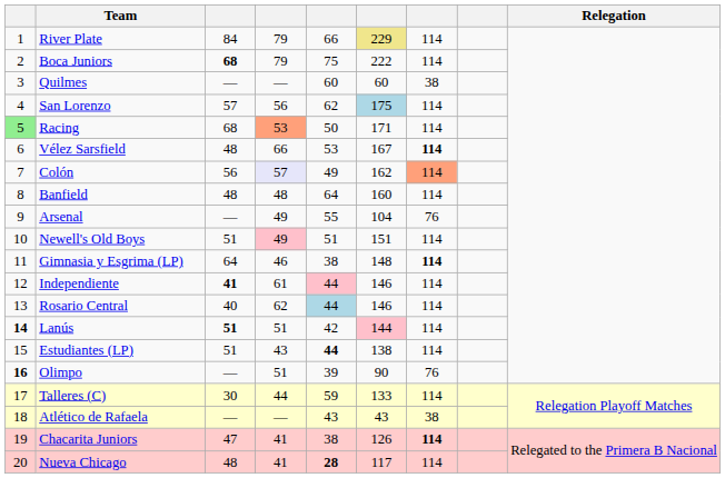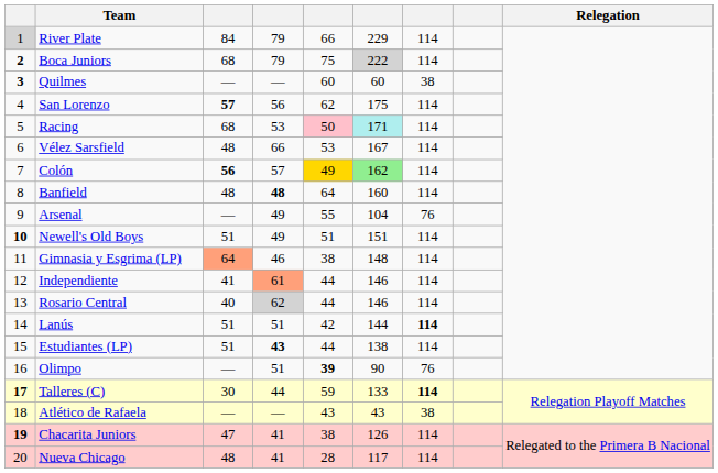 <table class="wikitable" style="text-align: center;">
 <tr>
 <th width=28><br></th>
 <th width=185>Team</th>
 <th width=50></th>
 <th width=50></th>
 <th width=50></th>
 <th width=50></th>
 <th width=50></th>
 <th width=50><br></th>
 <th>Relegation</th>
 </tr>
 <tr>
-<td>1</td>
+<td style="background: lightgrey;">1</td>
 <td align="left"><a href='#'>River Plate</a></td>
 <td>84</td>
 <td>79</td>
 <td>66</td>
-<td style="background: khaki;">229</td>
+<td>229</td>
 <td>114</td>
 <td><strong></strong></td>
 </tr>
 <tr>
-<td>2</td>
+<td><strong>2</strong></td>
 <td align="left"><a href='#'>Boca Juniors</a></td>
-<td><strong>68</strong></td>
+<td>68</td>
 <td>79</td>
 <td>75</td>
-<td>222</td>
+<td style="background: lightgrey;">222</td>
 <td>114</td>
 <td><strong></strong></td>
 </tr>
 <tr>
-<td>3</td>
+<td><strong>3</strong></td>
 <td align="left"><a href='#'>Quilmes</a></td>
 <td>—</td>
 <td>—</td>
 <td>60</td>
 <td>60</td>
 <td>38</td>
 <td><strong></strong></td>
 </tr>
 <tr>
 <td>4</td>
 <td align="left"><a href='#'>San Lorenzo</a></td>
-<td>57</td>
+<td><strong>57</strong></td>
 <td>56</td>
 <td>62</td>
-<td style="background: lightblue;">175</td>
+<td>175</td>
 <td>114</td>
 <td><strong></strong></td>
 </tr>
 <tr>
-<td style="background: lightgreen;">5</td>
+<td>5</td>
 <td align="left"><a href='#'>Racing</a></td>
 <td>68</td>
-<td style="background: lightsalmon;">53</td>
-<td>50</td>
-<td>171</td>
+<td>53</td>
+<td style="background: pink;">50</td>
+<td style="background: paleturquoise;">171</td>
 <td>114</td>
 <td><strong></strong></td>
 </tr>
 <tr>
 <td>6</td>
 <td align="left"><a href='#'>Vélez Sarsfield</a></td>
 <td>48</td>
 <td>66</td>
 <td>53</td>
 <td>167</td>
-<td><strong>114</strong></td>
+<td>114</td>
 <td><strong></strong></td>
 </tr>
 <tr>
 <td>7</td>
 <td align="left"><a href='#'>Colón</a></td>
-<td>56</td>
-<td style="background: lavender;">57</td>
-<td>49</td>
-<td>162</td>
-<td style="background: lightsalmon;">114</td>
+<td><strong>56</strong></td>
+<td>57</td>
+<td style="background: gold;">49</td>
+<td style="background: lightgreen;">162</td>
+<td>114</td>
 <td><strong></strong></td>
 </tr>
 <tr>
 <td>8</td>
 <td align="left"><a href='#'>Banfield</a></td>
 <td>48</td>
-<td>48</td>
+<td><strong>48</strong></td>
 <td>64</td>
 <td>160</td>
 <td>114</td>
 <td><strong></strong></td>
 </tr>
 <tr>
 <td>9</td>
 <td align="left"><a href='#'>Arsenal</a></td>
 <td>—</td>
 <td>49</td>
 <td>55</td>
 <td>104</td>
 <td>76</td>
 <td><strong></strong></td>
 </tr>
 <tr>
-<td>10</td>
+<td><strong>10</strong></td>
 <td align="left"><a href='#'>Newell's Old Boys</a></td>
 <td>51</td>
-<td style="background: pink;">49</td>
+<td>49</td>
 <td>51</td>
 <td>151</td>
 <td>114</td>
 <td><strong></strong></td>
 </tr>
 <tr>
 <td>11</td>
 <td align="left"><a href='#'>Gimnasia y Esgrima (LP)</a></td>
-<td>64</td>
+<td style="background: lightsalmon;">64</td>
 <td>46</td>
 <td>38</td>
 <td>148</td>
-<td><strong>114</strong></td>
+<td>114</td>
 <td><strong></strong></td>
 </tr>
 <tr>
 <td>12</td>
 <td align="left"><a href='#'>Independiente</a></td>
-<td><strong>41</strong></td>
-<td>61</td>
-<td style="background: pink;">44</td>
+<td>41</td>
+<td style="background: lightsalmon;">61</td>
+<td>44</td>
 <td>146</td>
 <td>114</td>
 <td><strong></strong></td>
 </tr>
 <tr>
 <td>13</td>
 <td align="left"><a href='#'>Rosario Central</a></td>
 <td>40</td>
-<td>62</td>
-<td style="background: lightblue;">44</td>
+<td style="background: lightgrey;">62</td>
+<td>44</td>
 <td>146</td>
 <td>114</td>
 <td><strong></strong></td>
 </tr>
 <tr>
-<td><strong>14</strong></td>
+<td>14</td>
 <td align="left"><a href='#'>Lanús</a></td>
-<td><strong>51</strong></td>
+<td>51</td>
 <td>51</td>
 <td>42</td>
-<td style="background: pink;">144</td>
-<td>114</td>
+<td>144</td>
+<td><strong>114</strong></td>
 <td><strong></strong></td>
 </tr>
 <tr>
 <td>15</td>
 <td align="left"><a href='#'>Estudiantes (LP)</a></td>
 <td>51</td>
-<td>43</td>
-<td><strong>44</strong></td>
+<td><strong>43</strong></td>
+<td>44</td>
 <td>138</td>
 <td>114</td>
 <td><strong></strong></td>
 </tr>
 <tr>
-<td><strong>16</strong></td>
+<td>16</td>
 <td align="left"><a href='#'>Olimpo</a></td>
 <td>—</td>
 <td>51</td>
-<td>39</td>
+<td><strong>39</strong></td>
 <td>90</td>
 <td>76</td>
 <td><strong></strong></td>
 </tr>
 <tr bgcolor=#ffffcc>
-<td>17</td>
+<td><strong>17</strong></td>
 <td align="left"><a href='#'>Talleres (C)</a></td>
 <td>30</td>
 <td>44</td>
 <td>59</td>
 <td>133</td>
-<td>114</td>
+<td><strong>114</strong></td>
 <td><strong></strong></td>
 <td rowspan=2><a href='#'>Relegation Playoff Matches</a></td>
 </tr>
 <tr bgcolor=#ffffcc>
 <td>18</td>
 <td align="left"><a href='#'>Atlético de Rafaela</a></td>
 <td>—</td>
 <td>—</td>
 <td>43</td>
 <td>43</td>
 <td>38</td>
 <td><strong></strong></td>
 </tr>
 <tr bgcolor=#ffcccc>
-<td>19</td>
+<td><strong>19</strong></td>
 <td align="left"><a href='#'>Chacarita Juniors</a></td>
 <td>47</td>
 <td>41</td>
 <td>38</td>
 <td>126</td>
-<td><strong>114</strong></td>
+<td>114</td>
 <td><strong></strong></td>
 <td rowspan=2>Relegated to the <a href='#'>Primera B Nacional</a></td>
 </tr>
 <tr bgcolor=#ffcccc>
 <td>20</td>
 <td align="left"><a href='#'>Nueva Chicago</a></td>
 <td>48</td>
 <td>41</td>
-<td><strong>28</strong></td>
+<td>28</td>
 <td>117</td>
 <td>114</td>
 <td><strong></strong></td>
 </tr>
 </table>
